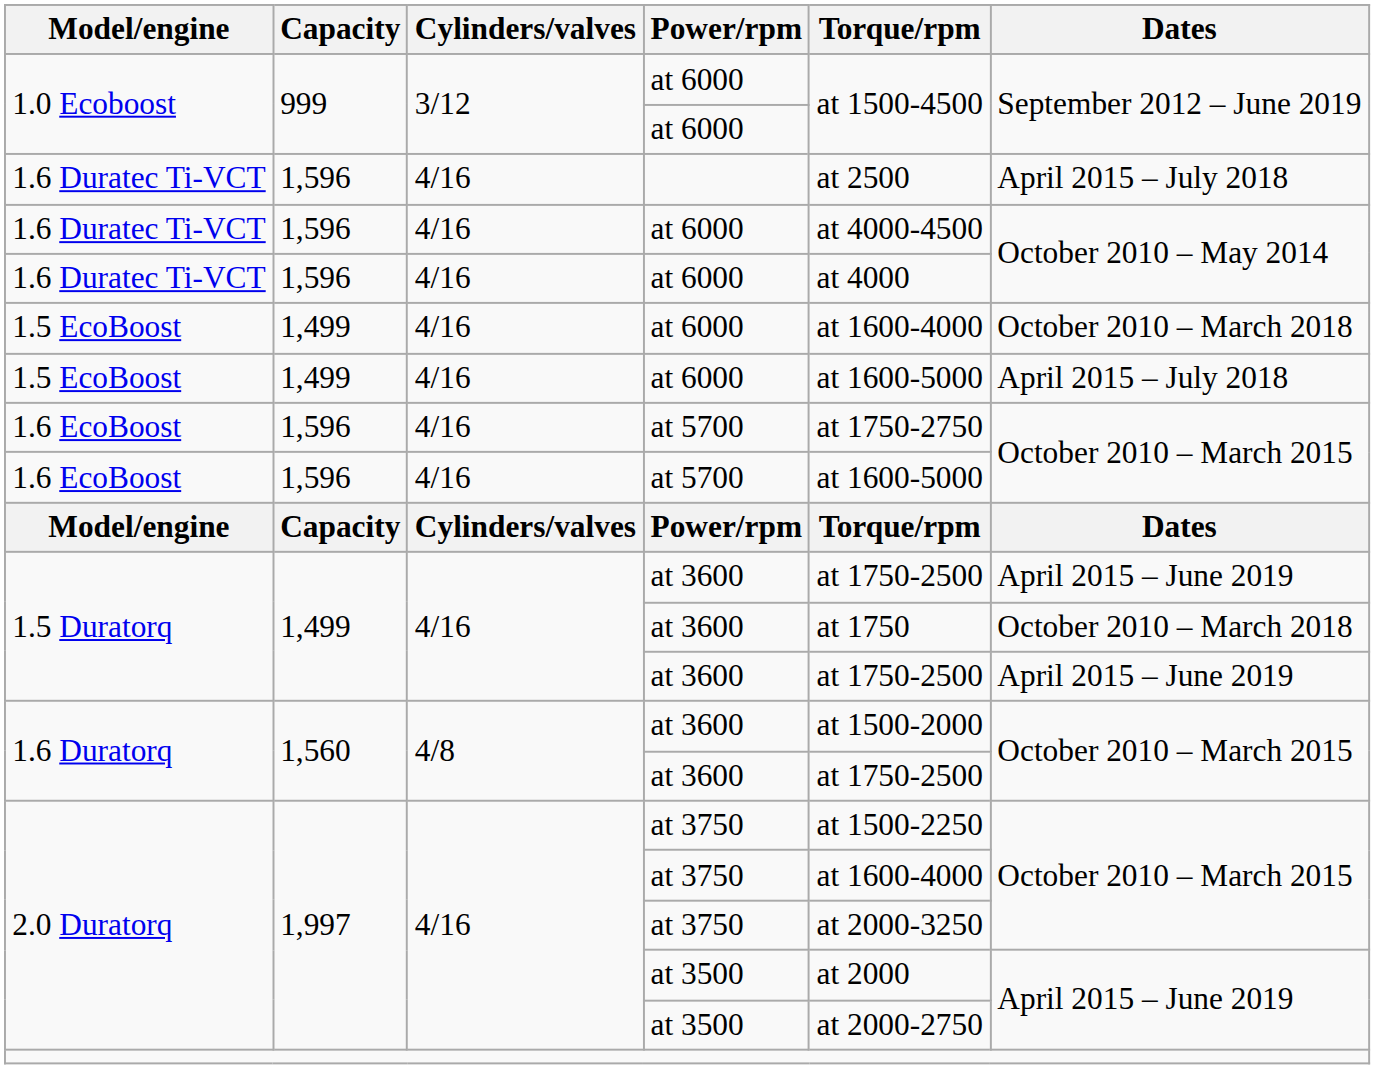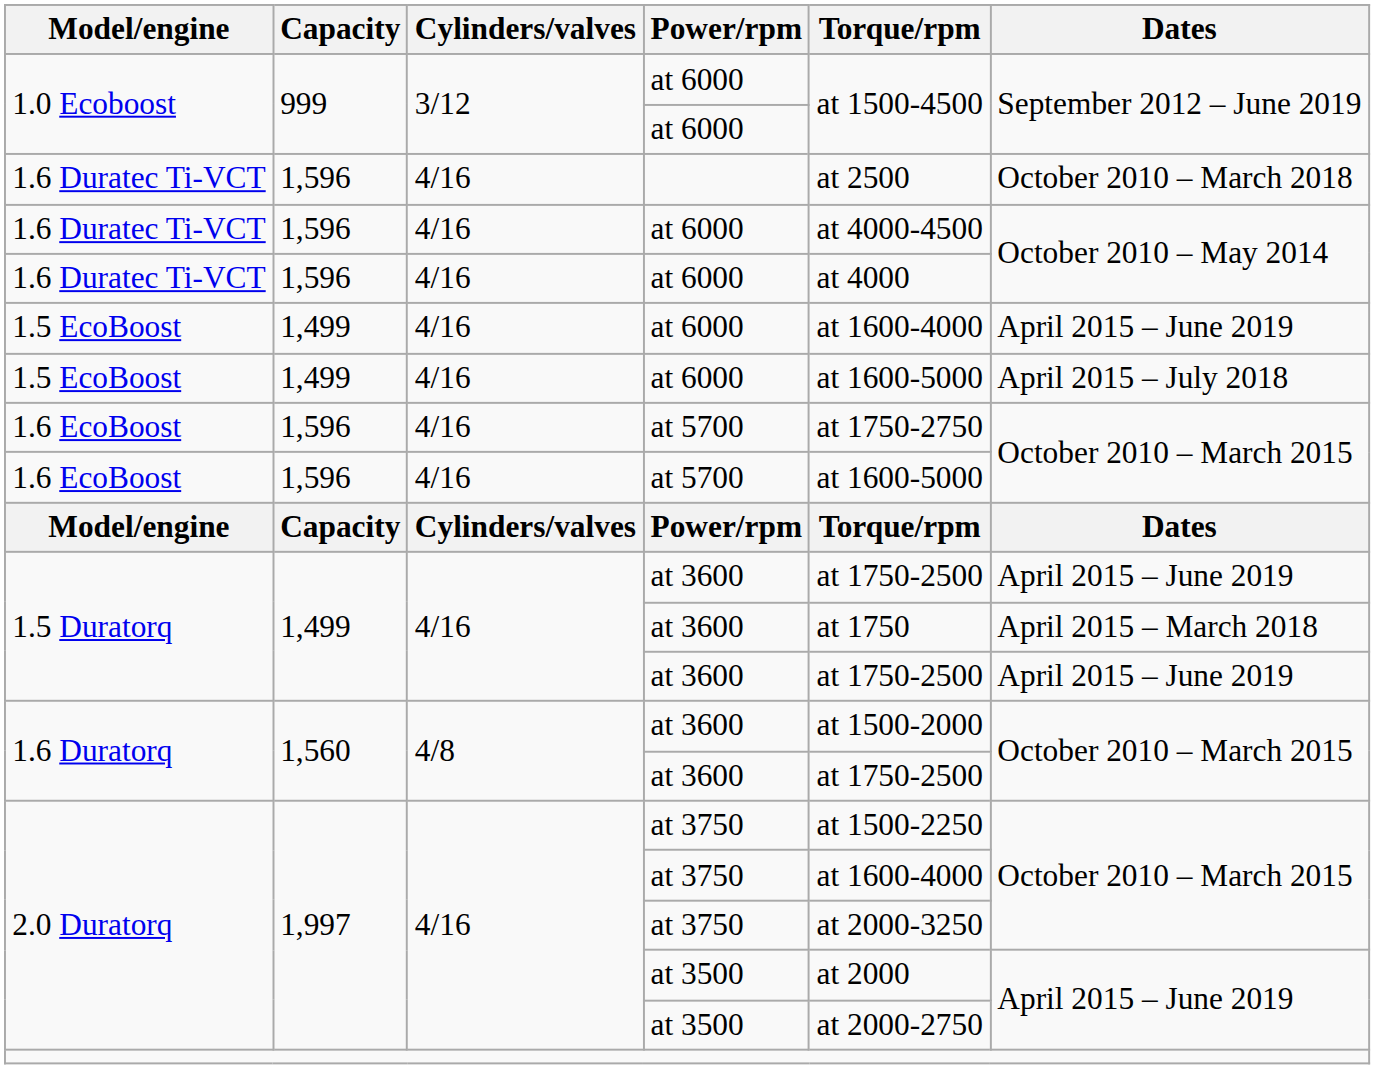 <table class="wikitable">
 <tr>
 <th>Model/engine</th>
 <th>Capacity</th>
 <th>Cylinders/valves</th>
 <th>Power/rpm</th>
 <th>Torque/rpm</th>
 <th>Dates</th>
 </tr>
 <tr>
 <td rowspan=2>1.0 <a href='#'>Ecoboost</a></td>
 <td rowspan=2>999</td>
 <td rowspan=2>3/12</td>
 <td> at 6000</td>
 <td rowspan=2> at 1500-4500</td>
 <td rowspan=2>September 2012 – June 2019</td>
 </tr>
 <tr>
 <td> at 6000</td>
 </tr>
 <tr>
 <td>1.6 <a href='#'>Duratec Ti-VCT</a></td>
 <td>1,596</td>
 <td>4/16</td>
 <td></td>
 <td> at 2500</td>
-<td>April 2015 – July 2018</td>
+<td>October 2010 – March 2018</td>
 </tr>
 <tr>
 <td>1.6 <a href='#'>Duratec Ti-VCT</a></td>
 <td>1,596</td>
 <td>4/16</td>
 <td> at 6000</td>
 <td> at 4000-4500</td>
 <td rowspan=2>October 2010 – May 2014</td>
 </tr>
 <tr>
 <td>1.6 <a href='#'>Duratec Ti-VCT</a></td>
 <td>1,596</td>
 <td>4/16</td>
 <td> at 6000</td>
 <td> at 4000</td>
 </tr>
 <tr>
 <td>1.5 <a href='#'>EcoBoost</a></td>
 <td>1,499</td>
 <td>4/16</td>
 <td> at 6000</td>
 <td> at 1600-4000</td>
-<td>October 2010 – March 2018</td>
+<td>April 2015 – June 2019</td>
 </tr>
 <tr>
 <td>1.5 <a href='#'>EcoBoost</a></td>
 <td>1,499</td>
 <td>4/16</td>
 <td> at 6000</td>
 <td> at 1600-5000</td>
 <td>April 2015 – July 2018</td>
 </tr>
 <tr>
 <td>1.6 <a href='#'>EcoBoost</a></td>
 <td>1,596</td>
 <td>4/16</td>
 <td> at 5700</td>
 <td> at 1750-2750</td>
 <td rowspan=2>October 2010 – March 2015</td>
 </tr>
 <tr>
 <td>1.6 <a href='#'>EcoBoost</a></td>
 <td>1,596</td>
 <td>4/16</td>
 <td> at 5700</td>
 <td> at 1600-5000</td>
 </tr>
 <tr>
 <th>Model/engine</th>
 <th>Capacity</th>
 <th>Cylinders/valves</th>
 <th>Power/rpm</th>
 <th>Torque/rpm</th>
 <th>Dates</th>
 </tr>
 <tr>
 <td rowspan=3>1.5 <a href='#'>Duratorq</a></td>
 <td rowspan=3>1,499</td>
 <td rowspan=3>4/16</td>
 <td> at 3600</td>
 <td> at 1750-2500</td>
 <td>April 2015 – June 2019</td>
 </tr>
 <tr>
 <td> at 3600</td>
 <td> at 1750</td>
-<td>October 2010 – March 2018</td>
+<td>April 2015 – March 2018</td>
 </tr>
 <tr>
 <td> at 3600</td>
 <td> at 1750-2500</td>
 <td>April 2015 – June 2019</td>
 </tr>
 <tr>
 <td rowspan=2>1.6 <a href='#'>Duratorq</a></td>
 <td rowspan=2>1,560</td>
 <td rowspan=2>4/8</td>
 <td> at 3600</td>
 <td> at 1500-2000</td>
 <td rowspan=2>October 2010 – March 2015</td>
 </tr>
 <tr>
 <td> at 3600</td>
 <td> at 1750-2500</td>
 </tr>
 <tr>
 <td rowspan=5>2.0 <a href='#'>Duratorq</a></td>
 <td rowspan=5>1,997</td>
 <td rowspan=5>4/16</td>
 <td> at 3750</td>
 <td> at 1500-2250</td>
 <td rowspan=3>October 2010 – March 2015</td>
 </tr>
 <tr>
 <td> at 3750</td>
 <td> at 1600-4000</td>
 </tr>
 <tr>
 <td> at 3750</td>
 <td> at 2000-3250</td>
 </tr>
 <tr>
 <td> at 3500</td>
 <td> at 2000</td>
 <td rowspan=2>April 2015 – June 2019</td>
 </tr>
 <tr>
 <td> at 3500</td>
 <td> at 2000-2750</td>
 </tr>
 <tr>
 <td colspan=6></td>
 </tr>
 </table>
